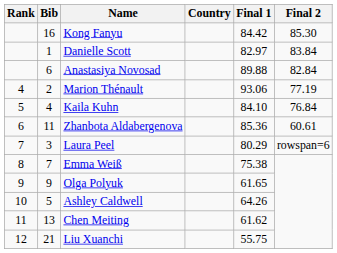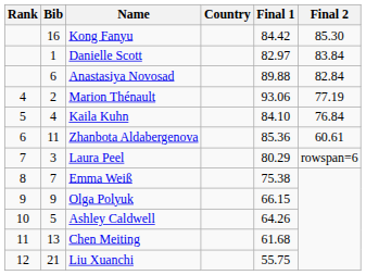 <table class="wikitable sortable" style="text-align:center">
 <tr>
 <th>Rank</th>
 <th>Bib</th>
 <th>Name</th>
 <th>Country</th>
 <th>Final 1</th>
 <th>Final 2</th>
 </tr>
 <tr>
 <td></td>
 <td>16</td>
 <td align=left><a href='#'>Kong Fanyu</a></td>
 <td align=left></td>
 <td>84.42</td>
 <td>85.30</td>
 </tr>
 <tr>
 <td></td>
 <td>1</td>
 <td align=left><a href='#'>Danielle Scott</a></td>
 <td align=left></td>
 <td>82.97</td>
 <td>83.84</td>
 </tr>
 <tr>
 <td></td>
 <td>6</td>
 <td align=left><a href='#'>Anastasiya Novosad</a></td>
 <td align=left></td>
 <td>89.88</td>
 <td>82.84</td>
 </tr>
 <tr>
 <td>4</td>
 <td>2</td>
 <td align=left><a href='#'>Marion Thénault</a></td>
 <td align=left></td>
 <td>93.06</td>
 <td>77.19</td>
 </tr>
 <tr>
 <td>5</td>
 <td>4</td>
 <td align=left><a href='#'>Kaila Kuhn</a></td>
 <td align=left></td>
 <td>84.10</td>
 <td>76.84</td>
 </tr>
 <tr>
 <td>6</td>
 <td>11</td>
 <td align=left><a href='#'>Zhanbota Aldabergenova</a></td>
 <td align=left></td>
 <td>85.36</td>
 <td>60.61</td>
 </tr>
 <tr>
 <td>7</td>
 <td>3</td>
 <td align=left><a href='#'>Laura Peel</a></td>
 <td align=left></td>
 <td>80.29</td>
 <td>rowspan=6 </td>
 </tr>
 <tr>
 <td>8</td>
 <td>7</td>
 <td align=left><a href='#'>Emma Weiß</a></td>
 <td align=left></td>
 <td>75.38</td>
 </tr>
 <tr>
 <td>9</td>
 <td>9</td>
 <td align=left><a href='#'>Olga Polyuk</a></td>
 <td align=left></td>
-<td>61.65</td>
+<td>66.15</td>
 </tr>
 <tr>
 <td>10</td>
 <td>5</td>
 <td align=left><a href='#'>Ashley Caldwell</a></td>
 <td align=left></td>
 <td>64.26</td>
 </tr>
 <tr>
 <td>11</td>
 <td>13</td>
 <td align=left><a href='#'>Chen Meiting</a></td>
 <td align=left></td>
-<td>61.62</td>
+<td>61.68</td>
 </tr>
 <tr>
 <td>12</td>
 <td>21</td>
 <td align=left><a href='#'>Liu Xuanchi</a></td>
 <td align=left></td>
 <td>55.75</td>
 </tr>
 </table>
